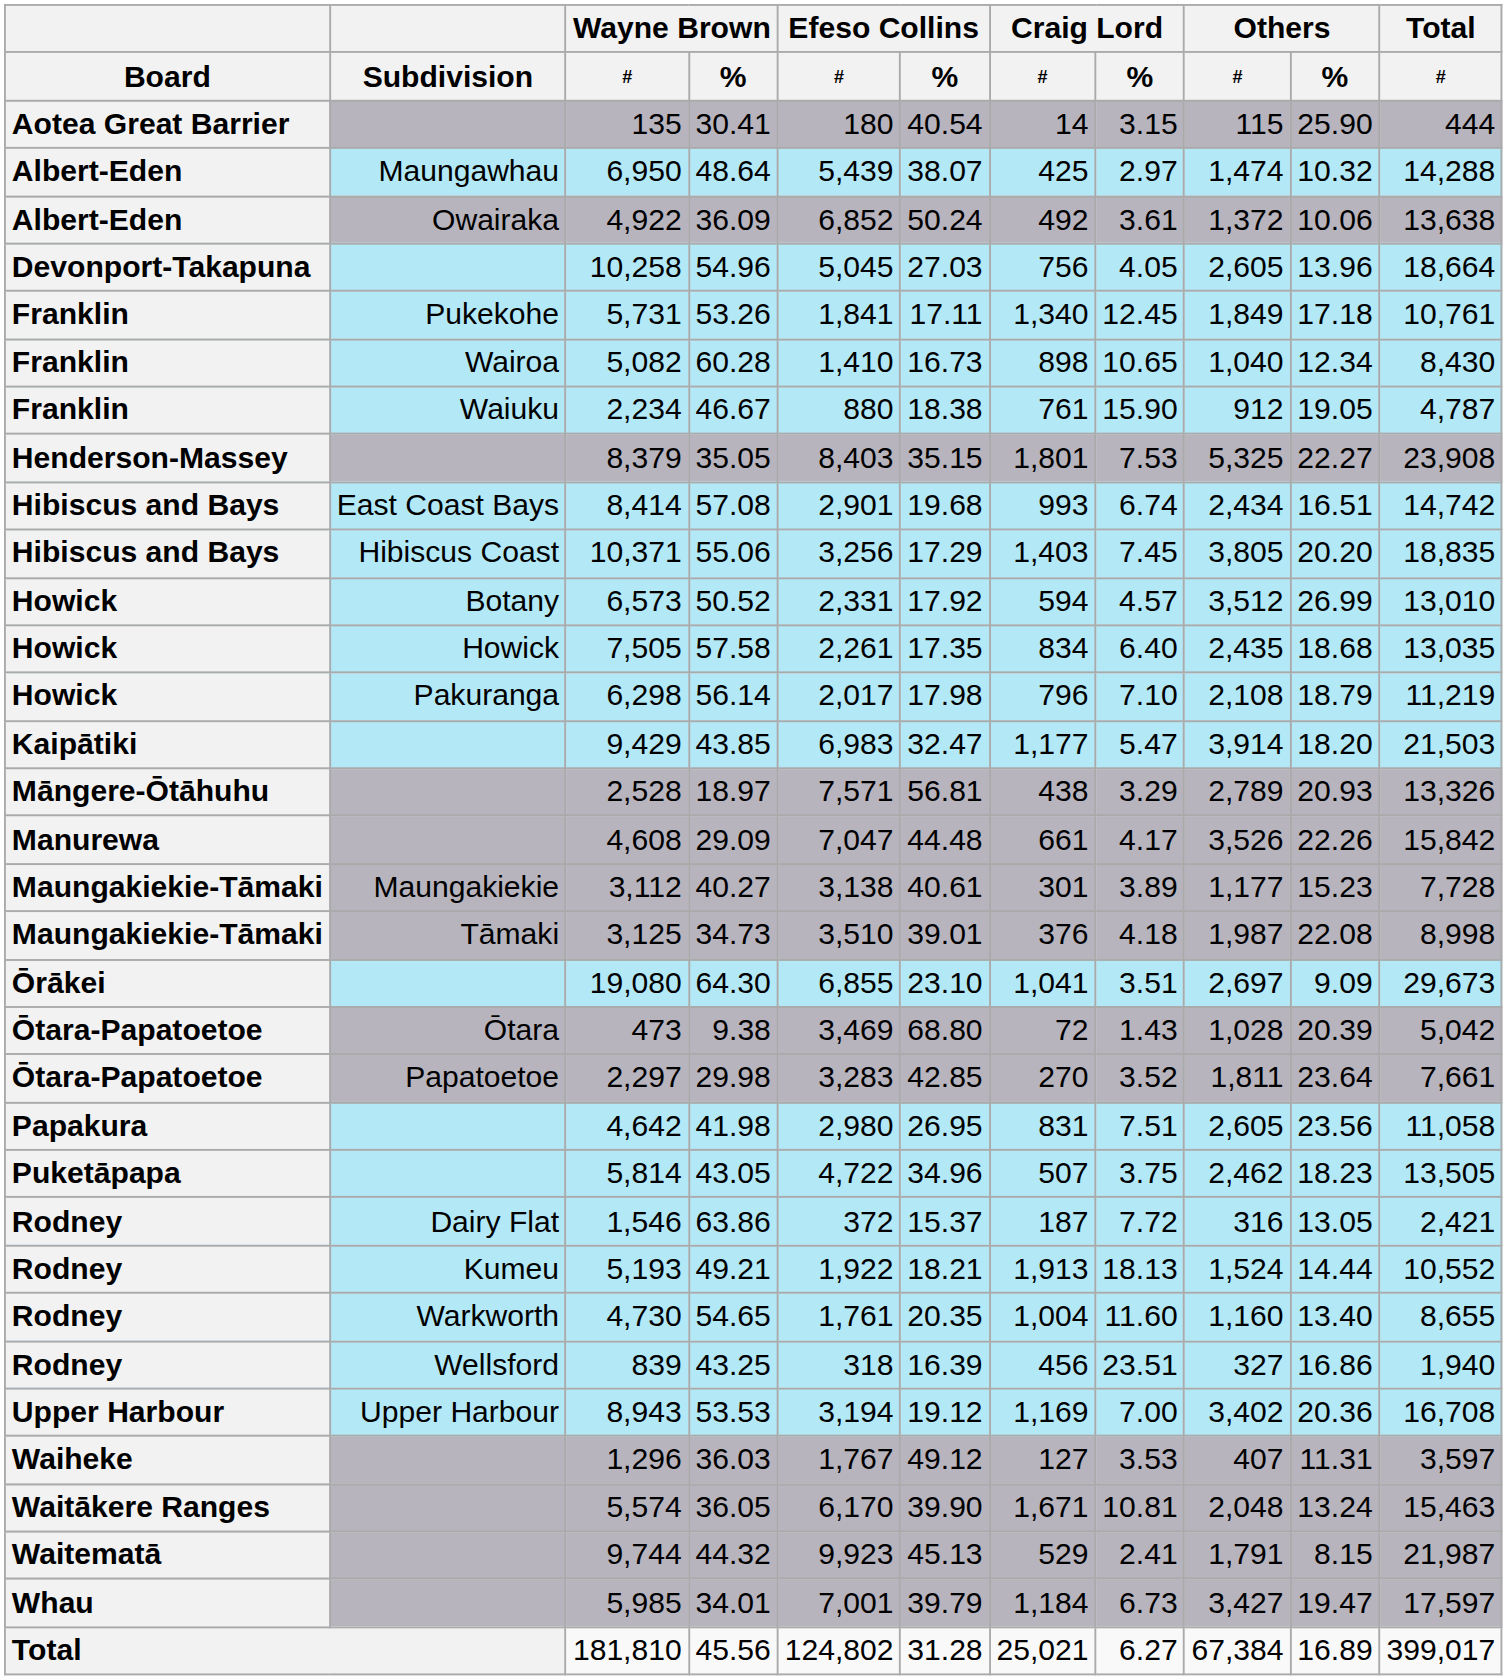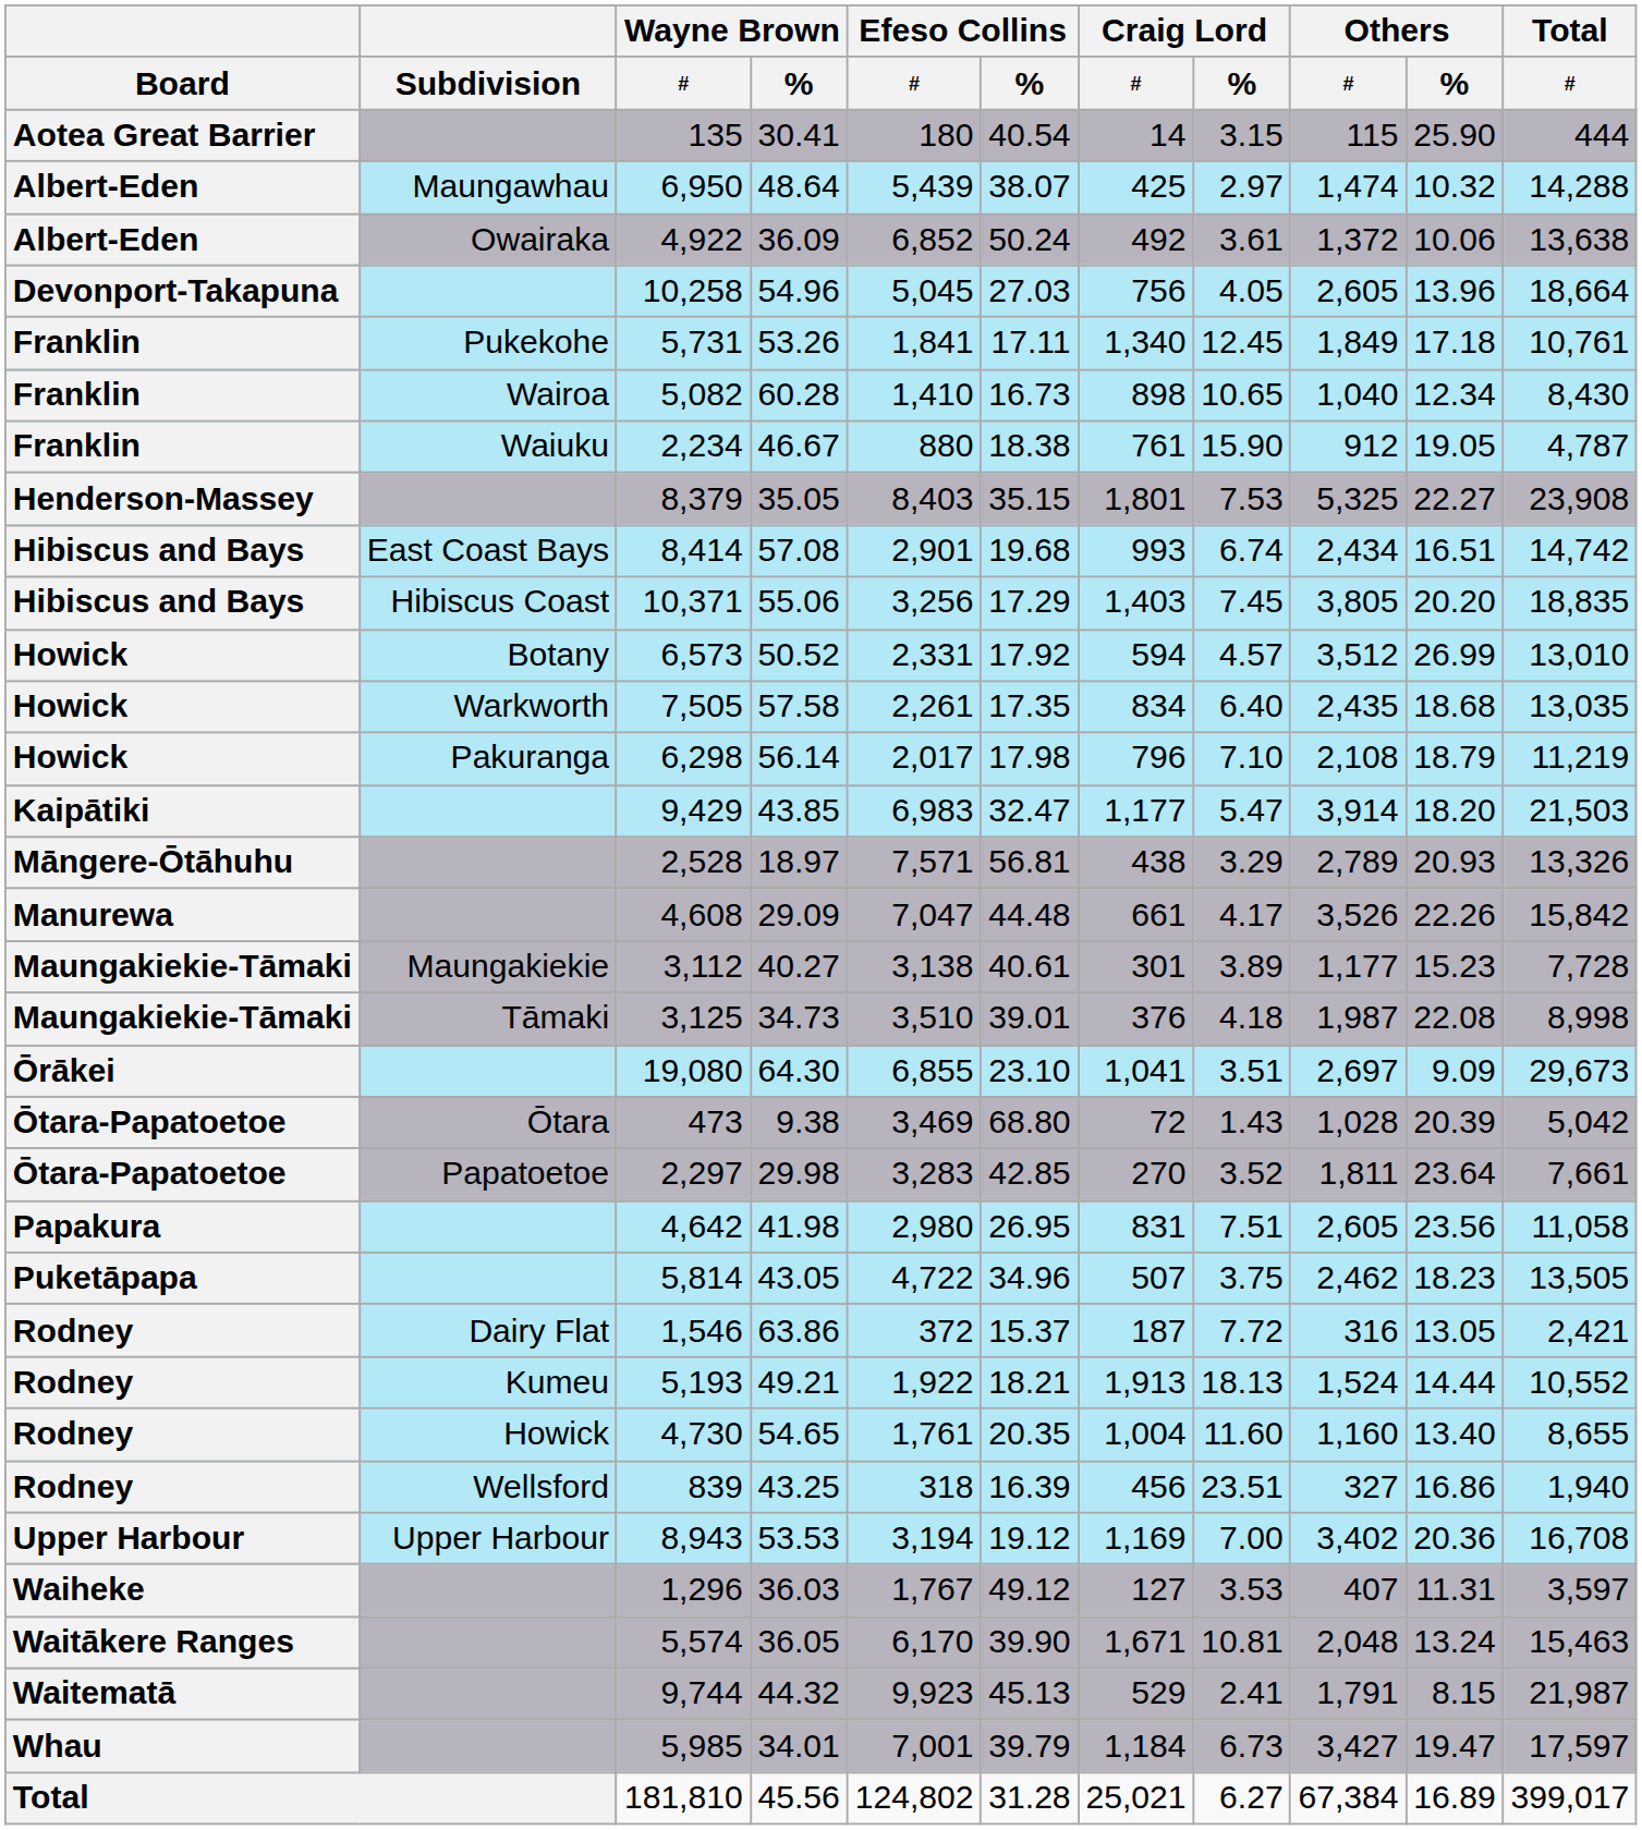 <table class="wikitable sortable" style="text-align:right;">
 <tr>
 <th></th>
 <th></th>
 <th scope="col" align=center colspan=2>Wayne Brown</th>
 <th scope="col" align=center colspan=2>Efeso Collins</th>
 <th scope="col" align=center colspan=2>Craig Lord</th>
 <th scope="col" align=center colspan=2>Others</th>
 <th scope="col" align=center colspan=2>Total</th>
 </tr>
 <tr>
 <th scope="col" align=center>Board</th>
 <th scope="col" align=center>Subdivision</th>
 <th scope="col" style="text-align:center; font-size: 60%" data-sort-type="number">#</th>
 <th scope="col" align=center data-sort-type="number">%</th>
 <th scope="col" style="text-align:center; font-size: 60%" data-sort-type="number">#</th>
 <th scope="col" align=center data-sort-type="number">%</th>
 <th scope="col" style="text-align:center; font-size: 60%" data-sort-type="number">#</th>
 <th scope="col" align=center data-sort-type="number">%</th>
 <th scope="col" style="text-align:center; font-size: 60%" data-sort-type="number">#</th>
 <th scope="col" align=center data-sort-type="number">%</th>
 <th scope="col" style="text-align:center; font-size: 60%" data-sort-type="number">#</th>
 </tr>
 <tr bgcolor="#B7B4BE">
 <th scope="row" style="text-align:left;">Aotea Great Barrier</th>
 <td></td>
 <td>135</td>
 <td>30.41</td>
 <td>180</td>
 <td>40.54</td>
 <td>14</td>
 <td>3.15</td>
 <td>115</td>
 <td>25.90</td>
 <td>444</td>
 </tr>
 <tr bgcolor="#B3E8F7">
 <th scope="row" style="text-align:left;">Albert-Eden</th>
 <td>Maungawhau</td>
 <td>6,950</td>
 <td>48.64</td>
 <td>5,439</td>
 <td>38.07</td>
 <td>425</td>
 <td>2.97</td>
 <td>1,474</td>
 <td>10.32</td>
 <td>14,288</td>
 </tr>
 <tr bgcolor="#B7B4BE">
 <th scope="row" style="text-align:left;">Albert-Eden</th>
 <td>Owairaka</td>
 <td>4,922</td>
 <td>36.09</td>
 <td>6,852</td>
 <td>50.24</td>
 <td>492</td>
 <td>3.61</td>
 <td>1,372</td>
 <td>10.06</td>
 <td>13,638</td>
 </tr>
 <tr bgcolor="#B3E8F7">
 <th scope="row" style="text-align:left;">Devonport-Takapuna</th>
 <td></td>
 <td>10,258</td>
 <td>54.96</td>
 <td>5,045</td>
 <td>27.03</td>
 <td>756</td>
 <td>4.05</td>
 <td>2,605</td>
 <td>13.96</td>
 <td>18,664</td>
 </tr>
 <tr bgcolor="#B3E8F7">
 <th scope="row" style="text-align:left;">Franklin</th>
 <td>Pukekohe</td>
 <td>5,731</td>
 <td>53.26</td>
 <td>1,841</td>
 <td>17.11</td>
 <td>1,340</td>
 <td>12.45</td>
 <td>1,849</td>
 <td>17.18</td>
 <td>10,761</td>
 </tr>
 <tr bgcolor="#B3E8F7">
 <th scope="row" style="text-align:left;">Franklin</th>
 <td>Wairoa</td>
 <td>5,082</td>
 <td>60.28</td>
 <td>1,410</td>
 <td>16.73</td>
 <td>898</td>
 <td>10.65</td>
 <td>1,040</td>
 <td>12.34</td>
 <td>8,430</td>
 </tr>
 <tr bgcolor="#B3E8F7">
 <th scope="row" style="text-align:left;">Franklin</th>
 <td>Waiuku</td>
 <td>2,234</td>
 <td>46.67</td>
 <td>880</td>
 <td>18.38</td>
 <td>761</td>
 <td>15.90</td>
 <td>912</td>
 <td>19.05</td>
 <td>4,787</td>
 </tr>
 <tr bgcolor="#B7B4BE">
 <th scope="row" style="text-align:left;">Henderson-Massey</th>
 <td></td>
 <td>8,379</td>
 <td>35.05</td>
 <td>8,403</td>
 <td>35.15</td>
 <td>1,801</td>
 <td>7.53</td>
 <td>5,325</td>
 <td>22.27</td>
 <td>23,908</td>
 </tr>
 <tr bgcolor="#B3E8F7">
 <th scope="row" style="text-align:left;">Hibiscus and Bays</th>
 <td>East Coast Bays</td>
 <td>8,414</td>
 <td>57.08</td>
 <td>2,901</td>
 <td>19.68</td>
 <td>993</td>
 <td>6.74</td>
 <td>2,434</td>
 <td>16.51</td>
 <td>14,742</td>
 </tr>
 <tr bgcolor="#B3E8F7">
 <th scope="row" style="text-align:left;">Hibiscus and Bays</th>
 <td>Hibiscus Coast</td>
 <td>10,371</td>
 <td>55.06</td>
 <td>3,256</td>
 <td>17.29</td>
 <td>1,403</td>
 <td>7.45</td>
 <td>3,805</td>
 <td>20.20</td>
 <td>18,835</td>
 </tr>
 <tr bgcolor="#B3E8F7">
 <th scope="row" style="text-align:left;">Howick</th>
 <td>Botany</td>
 <td>6,573</td>
 <td>50.52</td>
 <td>2,331</td>
 <td>17.92</td>
 <td>594</td>
 <td>4.57</td>
 <td>3,512</td>
 <td>26.99</td>
 <td>13,010</td>
 </tr>
 <tr bgcolor="#B3E8F7">
 <th scope="row" style="text-align:left;">Howick</th>
-<td>Howick</td>
+<td>Warkworth</td>
 <td>7,505</td>
 <td>57.58</td>
 <td>2,261</td>
 <td>17.35</td>
 <td>834</td>
 <td>6.40</td>
 <td>2,435</td>
 <td>18.68</td>
 <td>13,035</td>
 </tr>
 <tr bgcolor="#B3E8F7">
 <th scope="row" style="text-align:left;">Howick</th>
 <td>Pakuranga</td>
 <td>6,298</td>
 <td>56.14</td>
 <td>2,017</td>
 <td>17.98</td>
 <td>796</td>
 <td>7.10</td>
 <td>2,108</td>
 <td>18.79</td>
 <td>11,219</td>
 </tr>
 <tr bgcolor="#B3E8F7">
 <th scope="row" style="text-align:left;">Kaipātiki</th>
 <td></td>
 <td>9,429</td>
 <td>43.85</td>
 <td>6,983</td>
 <td>32.47</td>
 <td>1,177</td>
 <td>5.47</td>
 <td>3,914</td>
 <td>18.20</td>
 <td>21,503</td>
 </tr>
 <tr bgcolor="#B7B4BE">
 <th scope="row" style="text-align:left;">Māngere-Ōtāhuhu</th>
 <td></td>
 <td>2,528</td>
 <td>18.97</td>
 <td>7,571</td>
 <td>56.81</td>
 <td>438</td>
 <td>3.29</td>
 <td>2,789</td>
 <td>20.93</td>
 <td>13,326</td>
 </tr>
 <tr bgcolor="#B7B4BE">
 <th scope="row" style="text-align:left;">Manurewa</th>
 <td></td>
 <td>4,608</td>
 <td>29.09</td>
 <td>7,047</td>
 <td>44.48</td>
 <td>661</td>
 <td>4.17</td>
 <td>3,526</td>
 <td>22.26</td>
 <td>15,842</td>
 </tr>
 <tr bgcolor="#B7B4BE">
 <th scope="row" style="text-align:left;">Maungakiekie-Tāmaki</th>
 <td>Maungakiekie</td>
 <td>3,112</td>
 <td>40.27</td>
 <td>3,138</td>
 <td>40.61</td>
 <td>301</td>
 <td>3.89</td>
 <td>1,177</td>
 <td>15.23</td>
 <td>7,728</td>
 </tr>
 <tr bgcolor="#B7B4BE">
 <th scope="row" style="text-align:left;">Maungakiekie-Tāmaki</th>
 <td>Tāmaki</td>
 <td>3,125</td>
 <td>34.73</td>
 <td>3,510</td>
 <td>39.01</td>
 <td>376</td>
 <td>4.18</td>
 <td>1,987</td>
 <td>22.08</td>
 <td>8,998</td>
 </tr>
 <tr bgcolor="#B3E8F7">
 <th scope="row" style="text-align:left;">Ōrākei</th>
 <td></td>
 <td>19,080</td>
 <td>64.30</td>
 <td>6,855</td>
 <td>23.10</td>
 <td>1,041</td>
 <td>3.51</td>
 <td>2,697</td>
 <td>9.09</td>
 <td>29,673</td>
 </tr>
 <tr bgcolor="#B7B4BE">
 <th scope="row" style="text-align:left;">Ōtara-Papatoetoe</th>
 <td>Ōtara</td>
 <td>473</td>
 <td>9.38</td>
 <td>3,469</td>
 <td>68.80</td>
 <td>72</td>
 <td>1.43</td>
 <td>1,028</td>
 <td>20.39</td>
 <td>5,042</td>
 </tr>
 <tr bgcolor="#B7B4BE">
 <th scope="row" style="text-align:left;">Ōtara-Papatoetoe</th>
 <td>Papatoetoe</td>
 <td>2,297</td>
 <td>29.98</td>
 <td>3,283</td>
 <td>42.85</td>
 <td>270</td>
 <td>3.52</td>
 <td>1,811</td>
 <td>23.64</td>
 <td>7,661</td>
 </tr>
 <tr bgcolor="#B3E8F7">
 <th scope="row" style="text-align:left;">Papakura</th>
 <td></td>
 <td>4,642</td>
 <td>41.98</td>
 <td>2,980</td>
 <td>26.95</td>
 <td>831</td>
 <td>7.51</td>
 <td>2,605</td>
 <td>23.56</td>
 <td>11,058</td>
 </tr>
 <tr bgcolor="#B3E8F7">
 <th scope="row" style="text-align:left;">Puketāpapa</th>
 <td></td>
 <td>5,814</td>
 <td>43.05</td>
 <td>4,722</td>
 <td>34.96</td>
 <td>507</td>
 <td>3.75</td>
 <td>2,462</td>
 <td>18.23</td>
 <td>13,505</td>
 </tr>
 <tr bgcolor="#B3E8F7">
 <th scope="row" style="text-align:left;">Rodney</th>
 <td>Dairy Flat</td>
 <td>1,546</td>
 <td>63.86</td>
 <td>372</td>
 <td>15.37</td>
 <td>187</td>
 <td>7.72</td>
 <td>316</td>
 <td>13.05</td>
 <td>2,421</td>
 </tr>
 <tr bgcolor="#B3E8F7">
 <th scope="row" style="text-align:left;">Rodney</th>
 <td>Kumeu</td>
 <td>5,193</td>
 <td>49.21</td>
 <td>1,922</td>
 <td>18.21</td>
 <td>1,913</td>
 <td>18.13</td>
 <td>1,524</td>
 <td>14.44</td>
 <td>10,552</td>
 </tr>
 <tr bgcolor="#B3E8F7">
 <th scope="row" style="text-align:left;">Rodney</th>
-<td>Warkworth</td>
+<td>Howick</td>
 <td>4,730</td>
 <td>54.65</td>
 <td>1,761</td>
 <td>20.35</td>
 <td>1,004</td>
 <td>11.60</td>
 <td>1,160</td>
 <td>13.40</td>
 <td>8,655</td>
 </tr>
 <tr bgcolor="#B3E8F7">
 <th scope="row" style="text-align:left;">Rodney</th>
 <td>Wellsford</td>
 <td>839</td>
 <td>43.25</td>
 <td>318</td>
 <td>16.39</td>
 <td>456</td>
 <td>23.51</td>
 <td>327</td>
 <td>16.86</td>
 <td>1,940</td>
 </tr>
 <tr bgcolor="#B3E8F7">
 <th scope="row" style="text-align:left;">Upper Harbour</th>
 <td>Upper Harbour</td>
 <td>8,943</td>
 <td>53.53</td>
 <td>3,194</td>
 <td>19.12</td>
 <td>1,169</td>
 <td>7.00</td>
 <td>3,402</td>
 <td>20.36</td>
 <td>16,708</td>
 </tr>
 <tr bgcolor="#B7B4BE">
 <th scope="row" style="text-align:left;">Waiheke</th>
 <td></td>
 <td>1,296</td>
 <td>36.03</td>
 <td>1,767</td>
 <td>49.12</td>
 <td>127</td>
 <td>3.53</td>
 <td>407</td>
 <td>11.31</td>
 <td>3,597</td>
 </tr>
 <tr bgcolor="#B7B4BE">
 <th scope="row" style="text-align:left;">Waitākere Ranges</th>
 <td></td>
 <td>5,574</td>
 <td>36.05</td>
 <td>6,170</td>
 <td>39.90</td>
 <td>1,671</td>
 <td>10.81</td>
 <td>2,048</td>
 <td>13.24</td>
 <td>15,463</td>
 </tr>
 <tr bgcolor="#B7B4BE">
 <th scope="row" style="text-align:left;">Waitematā</th>
 <td></td>
 <td>9,744</td>
 <td>44.32</td>
 <td>9,923</td>
 <td>45.13</td>
 <td>529</td>
 <td>2.41</td>
 <td>1,791</td>
 <td>8.15</td>
 <td>21,987</td>
 </tr>
 <tr bgcolor="#B7B4BE">
 <th scope="row" style="text-align:left;">Whau</th>
 <td></td>
 <td>5,985</td>
 <td>34.01</td>
 <td>7,001</td>
 <td>39.79</td>
 <td>1,184</td>
 <td>6.73</td>
 <td>3,427</td>
 <td>19.47</td>
 <td>17,597</td>
 </tr>
 <tr>
 <th scope="row" style="text-align:left;" colspan="2" data-sort-value="Z">Total</th>
 <td>181,810</td>
 <td>45.56</td>
 <td>124,802</td>
 <td>31.28</td>
 <td>25,021</td>
 <td>6.27</td>
 <td>67,384</td>
 <td>16.89</td>
 <td>399,017</td>
 </tr>
 </table>
